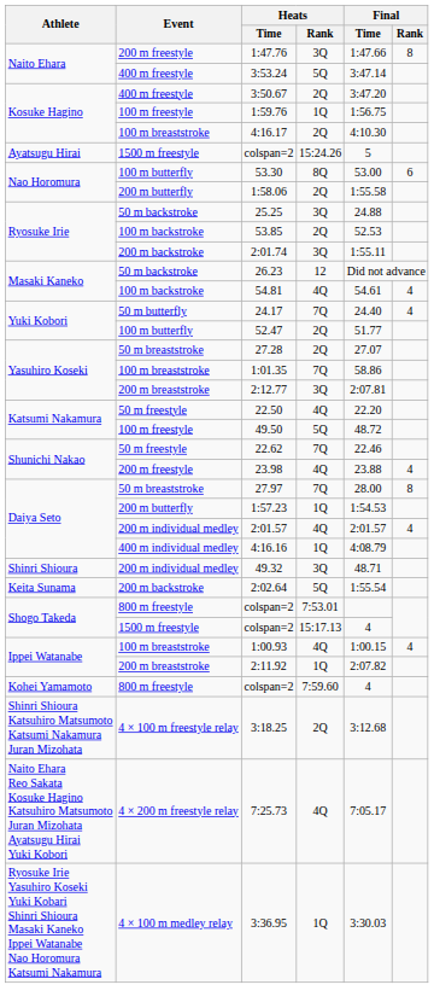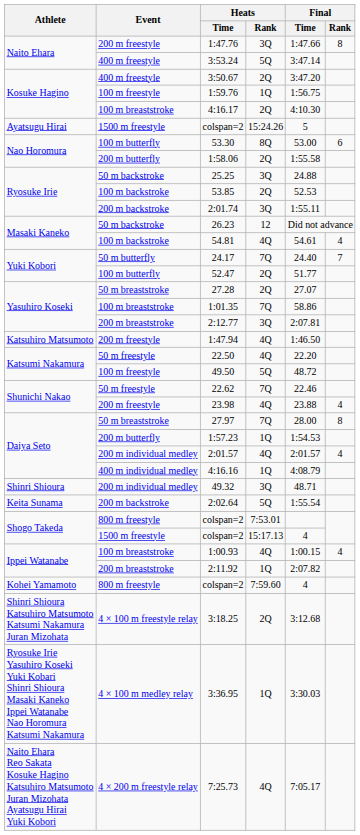 <table class=wikitable style="font-size:90%">
 <tr>
 <th rowspan="2">Athlete</th>
 <th rowspan="2">Event</th>
 <th colspan="2">Heats</th>
 <th colspan="2">Final</th>
 </tr>
 <tr style="font-size:95%">
 <th>Time</th>
 <th>Rank</th>
 <th>Time</th>
 <th>Rank</th>
 </tr>
 <tr style="text-align:center">
 <td style="text-align:left" rowspan=2><a href='#'>Naito Ehara</a></td>
 <td style="text-align:left"><a href='#'>200 m freestyle</a></td>
 <td>1:47.76</td>
 <td>3Q</td>
 <td>1:47.66</td>
 <td>8</td>
 </tr>
 <tr style="text-align:center">
 <td style="text-align:left"><a href='#'>400 m freestyle</a></td>
 <td>3:53.24</td>
 <td>5Q</td>
 <td>3:47.14</td>
 <td></td>
 </tr>
 <tr style="text-align:center">
 <td style="text-align:left" rowspan=3><a href='#'>Kosuke Hagino</a></td>
 <td style="text-align:left"><a href='#'>400 m freestyle</a></td>
 <td>3:50.67</td>
 <td>2Q</td>
 <td>3:47.20</td>
 <td></td>
 </tr>
 <tr style="text-align:center">
 <td style="text-align:left"><a href='#'>100 m freestyle</a></td>
 <td>1:59.76</td>
 <td>1Q</td>
 <td>1:56.75</td>
 <td></td>
 </tr>
 <tr style="text-align:center">
 <td style="text-align:left"><a href='#'>100 m breaststroke</a></td>
 <td>4:16.17</td>
 <td>2Q</td>
 <td>4:10.30</td>
 <td></td>
 </tr>
 <tr style="text-align:center">
 <td style="text-align:left"><a href='#'>Ayatsugu Hirai</a></td>
 <td style="text-align:left"><a href='#'>1500 m freestyle</a></td>
 <td>colspan=2 </td>
 <td>15:24.26</td>
 <td>5</td>
 </tr>
 <tr style="text-align:center">
 <td style="text-align:left" rowspan=2><a href='#'>Nao Horomura</a></td>
 <td style="text-align:left"><a href='#'>100 m butterfly</a></td>
 <td>53.30</td>
 <td>8Q</td>
 <td>53.00</td>
 <td>6</td>
 </tr>
 <tr style="text-align:center">
 <td style="text-align:left"><a href='#'>200 m butterfly</a></td>
 <td>1:58.06</td>
 <td>2Q</td>
 <td>1:55.58</td>
 <td></td>
 </tr>
 <tr style="text-align:center">
 <td style="text-align:left" rowspan=3><a href='#'>Ryosuke Irie</a></td>
 <td style="text-align:left"><a href='#'>50 m backstroke</a></td>
 <td>25.25</td>
 <td>3Q</td>
 <td>24.88</td>
 <td></td>
 </tr>
 <tr style="text-align:center">
 <td style="text-align:left"><a href='#'>100 m backstroke</a></td>
 <td>53.85</td>
 <td>2Q</td>
 <td>52.53</td>
 <td></td>
 </tr>
 <tr style="text-align:center">
 <td style="text-align:left"><a href='#'>200 m backstroke</a></td>
 <td>2:01.74</td>
 <td>3Q</td>
 <td>1:55.11</td>
 <td></td>
 </tr>
 <tr style="text-align:center">
 <td style="text-align:left" rowspan=2><a href='#'>Masaki Kaneko</a></td>
 <td style="text-align:left"><a href='#'>50 m backstroke</a></td>
 <td>26.23</td>
 <td>12</td>
 <td colspan=2>Did not advance</td>
 </tr>
 <tr style="text-align:center">
 <td style="text-align:left"><a href='#'>100 m backstroke</a></td>
 <td>54.81</td>
 <td>4Q</td>
 <td>54.61</td>
 <td>4</td>
 </tr>
 <tr style="text-align:center">
 <td style="text-align:left" rowspan=2><a href='#'>Yuki Kobori</a></td>
 <td style="text-align:left"><a href='#'>50 m butterfly</a></td>
 <td>24.17</td>
 <td>7Q</td>
 <td>24.40</td>
-<td>4</td>
+<td>7</td>
 </tr>
 <tr style="text-align:center">
 <td style="text-align:left"><a href='#'>100 m butterfly</a></td>
 <td>52.47</td>
 <td>2Q</td>
 <td>51.77</td>
 <td></td>
 </tr>
 <tr style="text-align:center">
 <td style="text-align:left" rowspan=3><a href='#'>Yasuhiro Koseki</a></td>
 <td style="text-align:left"><a href='#'>50 m breaststroke</a></td>
 <td>27.28</td>
 <td>2Q</td>
 <td>27.07</td>
 <td></td>
 </tr>
 <tr style="text-align:center">
 <td style="text-align:left"><a href='#'>100 m breaststroke</a></td>
 <td>1:01.35</td>
 <td>7Q</td>
 <td>58.86</td>
 <td></td>
 </tr>
 <tr style="text-align:center">
 <td style="text-align:left"><a href='#'>200 m breaststroke</a></td>
 <td>2:12.77</td>
 <td>3Q</td>
 <td>2:07.81</td>
+<td></td>
+</tr>
+<tr style="text-align:center">
+<td style="text-align:left"><a href='#'>Katsuhiro Matsumoto</a></td>
+<td style="text-align:left"><a href='#'>200 m freestyle</a></td>
+<td>1:47.94</td>
+<td>4Q</td>
+<td>1:46.50</td>
 <td></td>
 </tr>
 <tr style="text-align:center">
 <td style="text-align:left" rowspan=2><a href='#'>Katsumi Nakamura</a></td>
 <td style="text-align:left"><a href='#'>50 m freestyle</a></td>
 <td>22.50</td>
 <td>4Q</td>
 <td>22.20</td>
 <td></td>
 </tr>
 <tr style="text-align:center">
 <td style="text-align:left"><a href='#'>100 m freestyle</a></td>
 <td>49.50</td>
 <td>5Q</td>
 <td>48.72</td>
 <td></td>
 </tr>
 <tr style="text-align:center">
 <td style="text-align:left" rowspan=2><a href='#'>Shunichi Nakao</a></td>
 <td style="text-align:left"><a href='#'>50 m freestyle</a></td>
 <td>22.62</td>
 <td>7Q</td>
 <td>22.46</td>
 <td></td>
 </tr>
 <tr style="text-align:center">
 <td style="text-align:left"><a href='#'>200 m freestyle</a></td>
 <td>23.98</td>
 <td>4Q</td>
 <td>23.88</td>
 <td>4</td>
 </tr>
 <tr style="text-align:center">
 <td style="text-align:left" rowspan=4><a href='#'>Daiya Seto</a></td>
 <td style="text-align:left"><a href='#'>50 m breaststroke</a></td>
 <td>27.97</td>
 <td>7Q</td>
 <td>28.00</td>
 <td>8</td>
 </tr>
 <tr style="text-align:center">
 <td style="text-align:left"><a href='#'>200 m butterfly</a></td>
 <td>1:57.23</td>
 <td>1Q</td>
 <td>1:54.53</td>
 <td></td>
 </tr>
 <tr style="text-align:center">
 <td style="text-align:left"><a href='#'>200 m individual medley</a></td>
 <td>2:01.57</td>
 <td>4Q</td>
 <td>2:01.57</td>
 <td>4</td>
 </tr>
 <tr style="text-align:center">
 <td style="text-align:left"><a href='#'>400 m individual medley</a></td>
 <td>4:16.16</td>
 <td>1Q</td>
 <td>4:08.79</td>
 <td></td>
 </tr>
 <tr style="text-align:center">
 <td style="text-align:left"><a href='#'>Shinri Shioura</a></td>
 <td style="text-align:left"><a href='#'>200 m individual medley</a></td>
 <td>49.32</td>
 <td>3Q</td>
 <td>48.71</td>
 <td></td>
 </tr>
 <tr style="text-align:center">
 <td style="text-align:left"><a href='#'>Keita Sunama</a></td>
 <td style="text-align:left"><a href='#'>200 m backstroke</a></td>
 <td>2:02.64</td>
 <td>5Q</td>
 <td>1:55.54</td>
 <td></td>
 </tr>
 <tr style="text-align:center">
 <td style="text-align:left" rowspan=2><a href='#'>Shogo Takeda</a></td>
 <td style="text-align:left"><a href='#'>800 m freestyle</a></td>
 <td>colspan=2 </td>
 <td>7:53.01</td>
 <td></td>
 </tr>
 <tr style="text-align:center">
 <td style="text-align:left"><a href='#'>1500 m freestyle</a></td>
 <td>colspan=2 </td>
 <td>15:17.13</td>
 <td>4</td>
 </tr>
 <tr style="text-align:center">
 <td style="text-align:left" rowspan=2><a href='#'>Ippei Watanabe</a></td>
 <td style="text-align:left"><a href='#'>100 m breaststroke</a></td>
 <td>1:00.93</td>
 <td>4Q</td>
 <td>1:00.15</td>
 <td>4</td>
 </tr>
 <tr style="text-align:center">
 <td style="text-align:left"><a href='#'>200 m breaststroke</a></td>
 <td>2:11.92</td>
 <td>1Q</td>
 <td>2:07.82</td>
 <td></td>
 </tr>
 <tr style="text-align:center">
 <td style="text-align:left"><a href='#'>Kohei Yamamoto</a></td>
 <td style="text-align:left"><a href='#'>800 m freestyle</a></td>
 <td>colspan=2 </td>
 <td>7:59.60</td>
 <td>4</td>
 </tr>
 <tr style="text-align:center">
 <td style="text-align:left"><a href='#'>Shinri Shioura</a><br><a href='#'>Katsuhiro Matsumoto</a><br><a href='#'>Katsumi Nakamura</a><br><a href='#'>Juran Mizohata</a></td>
 <td style="text-align:left"><a href='#'>4 × 100 m freestyle relay</a></td>
 <td>3:18.25</td>
 <td>2Q</td>
 <td>3:12.68</td>
 <td></td>
 </tr>
 <tr style="text-align:center">
+<td style="text-align:left"><a href='#'>Ryosuke Irie</a><br><a href='#'>Yasuhiro Koseki</a><br><a href='#'>Yuki Kobari</a><br><a href='#'>Shinri Shioura</a><br><a href='#'>Masaki Kaneko</a><br><a href='#'>Ippei Watanabe</a><br><a href='#'>Nao Horomura</a><br><a href='#'>Katsumi Nakamura</a></td>
+<td style="text-align:left"><a href='#'>4 × 100 m medley relay</a></td>
+<td>3:36.95</td>
+<td>1Q</td>
+<td>3:30.03</td>
+<td></td>
+</tr>
+<tr style="text-align:center">
 <td style="text-align:left"><a href='#'>Naito Ehara</a><br><a href='#'>Reo Sakata</a><br><a href='#'>Kosuke Hagino</a><br><a href='#'>Katsuhiro Matsumoto</a><br><a href='#'>Juran Mizohata</a><br><a href='#'>Ayatsugu Hirai</a><br><a href='#'>Yuki Kobori</a></td>
 <td style="text-align:left"><a href='#'>4 × 200 m freestyle relay</a></td>
 <td>7:25.73</td>
 <td>4Q</td>
 <td>7:05.17</td>
 <td></td>
 </tr>
-<tr style="text-align:center">
-<td style="text-align:left"><a href='#'>Ryosuke Irie</a><br><a href='#'>Yasuhiro Koseki</a><br><a href='#'>Yuki Kobari</a><br><a href='#'>Shinri Shioura</a><br><a href='#'>Masaki Kaneko</a><br><a href='#'>Ippei Watanabe</a><br><a href='#'>Nao Horomura</a><br><a href='#'>Katsumi Nakamura</a></td>
-<td style="text-align:left"><a href='#'>4 × 100 m medley relay</a></td>
-<td>3:36.95</td>
-<td>1Q</td>
-<td>3:30.03</td>
-<td></td>
-</tr>
 </table>
